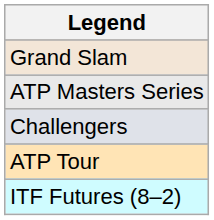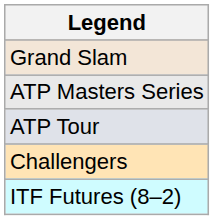 <table class=wikitable style=font-size:90%>
 <tr>
 <th>Legend</th>
 </tr>
 <tr style="background:#f3e6d7;">
 <td>Grand Slam</td>
 </tr>
 <tr style="background:#e9e9e9;">
 <td>ATP Masters Series</td>
 </tr>
 <tr bgcolor=dfe2e9>
-<td>Challengers</td>
+<td>ATP Tour</td>
 </tr>
 <tr bgcolor=moccasin>
-<td>ATP Tour</td>
+<td>Challengers</td>
 </tr>
 <tr bgcolor=cffcff>
 <td>ITF Futures (8–2)</td>
 </tr>
 </table>
